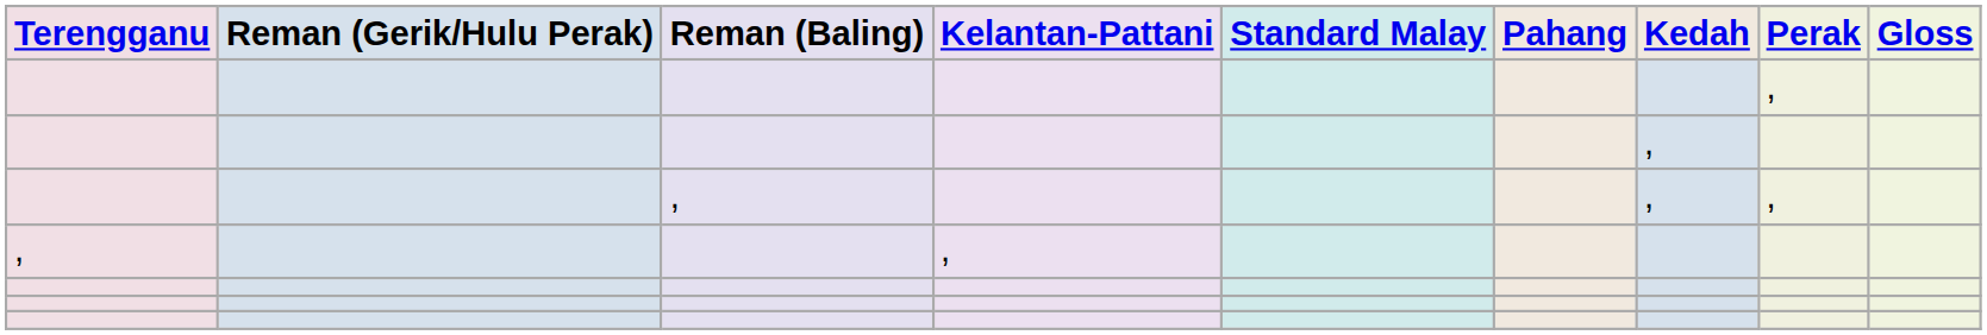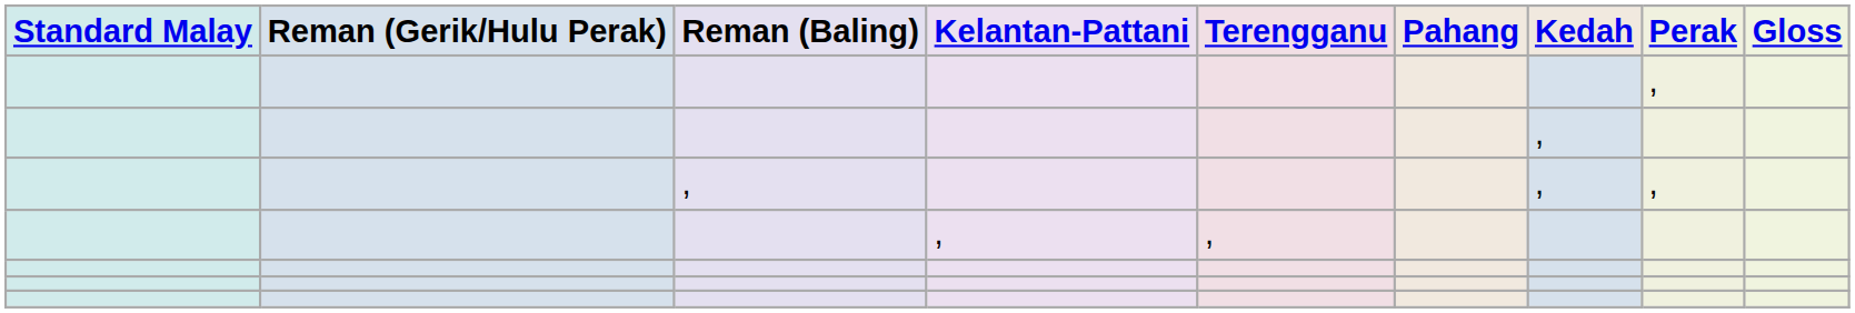 <table class="wikitable" style="font-size: 85%">
 <tr>
-<th style="background-color: #f1dfe5"><strong><a href='#'>Terengganu</a></strong></th>
+<th style="background-color: #d1ebeb"><strong><a href='#'>Standard Malay</a></strong></th>
 <th style="background-color: #d6e1ec"><strong>Reman (Gerik/Hulu Perak)</strong></th>
 <th style="background-color: #e4e0f0"><strong>Reman (Baling)</strong></th>
 <th style="background-color: #ece0f0"><strong><a href='#'>Kelantan-Pattani</a></strong></th>
-<th style="background-color: #d1ebeb"><strong><a href='#'>Standard Malay</a></strong></th>
+<th style="background-color: #f1dfe5"><strong><a href='#'>Terengganu</a></strong></th>
 <th style="background-color: #f1e9df"><strong><a href='#'>Pahang</a></strong></th>
 <th style="background-color: #f1e9df"><strong><a href='#'>Kedah</a></strong></th>
 <th style="background-color: #f0f1df"><strong><a href='#'>Perak</a></strong></th>
 <th style="background-color: #f0f4df"><strong><a href='#'>Gloss</a></strong></th>
 </tr>
 <tr>
-<td style="background-color: #f1dfe5"></td>
+<td style="background-color: #d1ebeb"></td>
 <td style="background-color: #d6e1ec"></td>
 <td style="background-color: #e4e0f0"></td>
 <td style="background-color: #ece0f0"></td>
-<td style="background-color: #d1ebeb"></td>
+<td style="background-color: #f1dfe5"></td>
 <td style="background-color: #f1e9df"></td>
 <td style="background-color: #d6e1ec"></td>
 <td style="background-color: #f0f1df">, </td>
 <td style="background-color: #f0f4df"></td>
 </tr>
 <tr>
-<td style="background-color: #f1dfe5"></td>
+<td style="background-color: #d1ebeb"></td>
 <td style="background-color: #d6e1ec"></td>
 <td style="background-color: #e4e0f0"></td>
 <td style="background-color: #ece0f0"></td>
-<td style="background-color: #d1ebeb"></td>
+<td style="background-color: #f1dfe5"></td>
 <td style="background-color: #f1e9df"></td>
 <td style="background-color: #d6e1ec">, </td>
 <td style="background-color: #f0f1df"></td>
 <td style="background-color: #f0f4df"></td>
 </tr>
 <tr>
-<td style="background-color: #f1dfe5"></td>
+<td style="background-color: #d1ebeb"></td>
 <td style="background-color: #d6e1ec"></td>
 <td style="background-color: #e4e0f0">, </td>
 <td style="background-color: #ece0f0"></td>
-<td style="background-color: #d1ebeb"></td>
+<td style="background-color: #f1dfe5"></td>
 <td style="background-color: #f1e9df"></td>
 <td style="background-color: #d6e1ec">, </td>
 <td style="background-color: #f0f1df">, </td>
 <td style="background-color: #f0f4df"></td>
 </tr>
 <tr>
-<td style="background-color: #f1dfe5">, </td>
+<td style="background-color: #d1ebeb"></td>
 <td style="background-color: #d6e1ec"></td>
 <td style="background-color: #e4e0f0"></td>
 <td style="background-color: #ece0f0">, </td>
-<td style="background-color: #d1ebeb"></td>
+<td style="background-color: #f1dfe5">, </td>
 <td style="background-color: #f1e9df"></td>
 <td style="background-color: #d6e1ec"></td>
 <td style="background-color: #f0f1df"></td>
 <td style="background-color: #f0f4df"></td>
 </tr>
 <tr>
-<td style="background-color: #f1dfe5"></td>
+<td style="background-color: #d1ebeb"></td>
 <td style="background-color: #d6e1ec"></td>
 <td style="background-color: #e4e0f0"></td>
 <td style="background-color: #ece0f0"></td>
-<td style="background-color: #d1ebeb"></td>
+<td style="background-color: #f1dfe5"></td>
 <td style="background-color: #f1e9df"></td>
 <td style="background-color: #d6e1ec"></td>
 <td style="background-color: #f0f1df"></td>
 <td style="background-color: #f0f4df"></td>
 </tr>
 <tr>
-<td style="background-color: #f1dfe5"></td>
+<td style="background-color: #d1ebeb"></td>
 <td style="background-color: #d6e1ec"></td>
 <td style="background-color: #e4e0f0"></td>
 <td style="background-color: #ece0f0"></td>
-<td style="background-color: #d1ebeb"></td>
+<td style="background-color: #f1dfe5"></td>
 <td style="background-color: #f1e9df"></td>
 <td style="background-color: #d6e1ec"></td>
 <td style="background-color: #f0f1df"></td>
 <td style="background-color: #f0f4df"></td>
 </tr>
 <tr>
-<td style="background-color: #f1dfe5"></td>
+<td style="background-color: #d1ebeb"></td>
 <td style="background-color: #d6e1ec"></td>
 <td style="background-color: #e4e0f0"></td>
 <td style="background-color: #ece0f0"></td>
-<td style="background-color: #d1ebeb"></td>
+<td style="background-color: #f1dfe5"></td>
 <td style="background-color: #f1e9df"></td>
 <td style="background-color: #d6e1ec"></td>
 <td style="background-color: #f0f1df"></td>
 <td style="background-color: #f0f4df"></td>
 </tr>
 </table>
